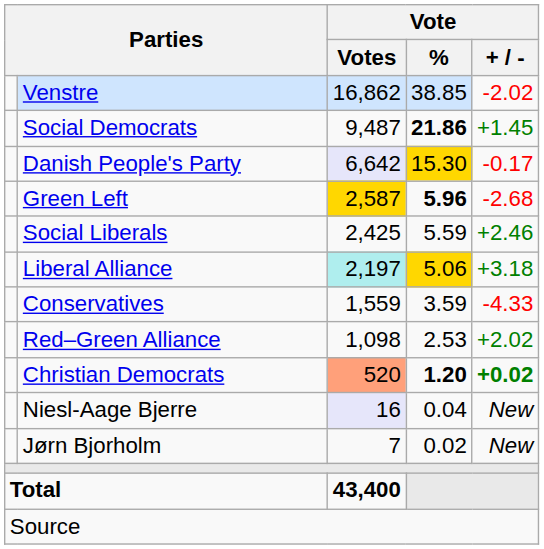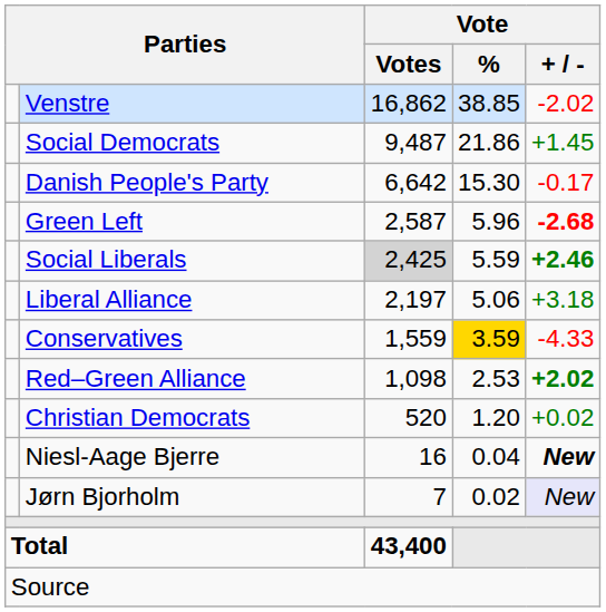 <table class="wikitable" style="text-align:right;">
 <tr>
 <th style="text-align:centre;" rowspan="2" colspan="2" width="225">Parties</th>
 <th colspan="3">Vote</th>
 </tr>
 <tr>
 <th width="15">Votes</th>
 <th width="15">%</th>
 <th width="15">+ / -</th>
 </tr>
 <tr>
 <td width="2" style="color:inherit;background:"></td>
 <td bgcolor=#cfe5fe  align="left"><a href='#'>Venstre</a></td>
 <td bgcolor=#cfe5fe>16,862</td>
 <td bgcolor=#cfe5fe>38.85</td>
 <td style=color:red;>-2.02</td>
 </tr>
 <tr>
 <td width="2" style="color:inherit;background:"></td>
 <td align="left"><a href='#'>Social Democrats</a></td>
 <td>9,487</td>
-<td><strong>21.86</strong></td>
+<td>21.86</td>
 <td style=color:green;>+1.45</td>
 </tr>
 <tr>
 <td width="2" style="color:inherit;background:"></td>
 <td align="left"><a href='#'>Danish People's Party</a></td>
-<td style="background: lavender;">6,642</td>
-<td style="background: gold;">15.30</td>
+<td>6,642</td>
+<td>15.30</td>
 <td style=color:red;>-0.17</td>
 </tr>
 <tr>
 <td width="2" style="color:inherit;background:"></td>
 <td align="left"><a href='#'>Green Left</a></td>
-<td style="background: gold;">2,587</td>
-<td><strong>5.96</strong></td>
-<td style=color:red;>-2.68</td>
+<td>2,587</td>
+<td>5.96</td>
+<td style=color:red;><strong>-2.68</strong></td>
 </tr>
 <tr>
 <td width="2" style="color:inherit;background:"></td>
 <td align="left"><a href='#'>Social Liberals</a></td>
-<td>2,425</td>
+<td style="background: lightgrey;">2,425</td>
 <td>5.59</td>
-<td style=color:green;>+2.46</td>
+<td style=color:green;><strong>+2.46</strong></td>
 </tr>
 <tr>
 <td width="2" style="color:inherit;background:"></td>
 <td align="left"><a href='#'>Liberal Alliance</a></td>
-<td style="background: paleturquoise;">2,197</td>
-<td style="background: gold;">5.06</td>
+<td>2,197</td>
+<td>5.06</td>
 <td style=color:green;>+3.18</td>
 </tr>
 <tr>
 <td width="2" style="color:inherit;background:"></td>
 <td align="left"><a href='#'>Conservatives</a></td>
 <td>1,559</td>
-<td>3.59</td>
+<td style="background: gold;">3.59</td>
 <td style=color:red;>-4.33</td>
 </tr>
 <tr>
 <td width="2" style="color:inherit;background:"></td>
 <td align="left"><a href='#'>Red–Green Alliance</a></td>
 <td>1,098</td>
 <td>2.53</td>
-<td style=color:green;>+2.02</td>
+<td style=color:green;><strong>+2.02</strong></td>
 </tr>
 <tr>
 <td width="2" style="color:inherit;background:"></td>
 <td align="left"><a href='#'>Christian Democrats</a></td>
-<td style="background: lightsalmon;">520</td>
-<td><strong>1.20</strong></td>
-<td style=color:green;><strong>+0.02</strong></td>
+<td>520</td>
+<td>1.20</td>
+<td style=color:green;>+0.02</td>
 </tr>
 <tr>
 <td width="2" style="color:inherit;background:"></td>
 <td align="left">Niesl-Aage Bjerre</td>
-<td style="background: lavender;">16</td>
+<td>16</td>
 <td>0.04</td>
-<td><em>New</em></td>
+<td><strong><em>New</em></strong></td>
 </tr>
 <tr>
 <td width="2" style="color:inherit;background:"></td>
 <td align="left">Jørn Bjorholm</td>
 <td>7</td>
 <td>0.02</td>
-<td><em>New</em></td>
+<td style="background: lavender;"><em>New</em></td>
 </tr>
 <tr>
 <td colspan="7" bgcolor="#E9E9E9"></td>
 </tr>
 <tr>
 <td align="left" colspan="2"><strong>Total</strong></td>
 <td><strong>43,400</strong></td>
 <td bgcolor="#E9E9E9" colspan="2"></td>
 </tr>
 <tr>
 <td align="left" colspan="6">Source</td>
 </tr>
 </table>
